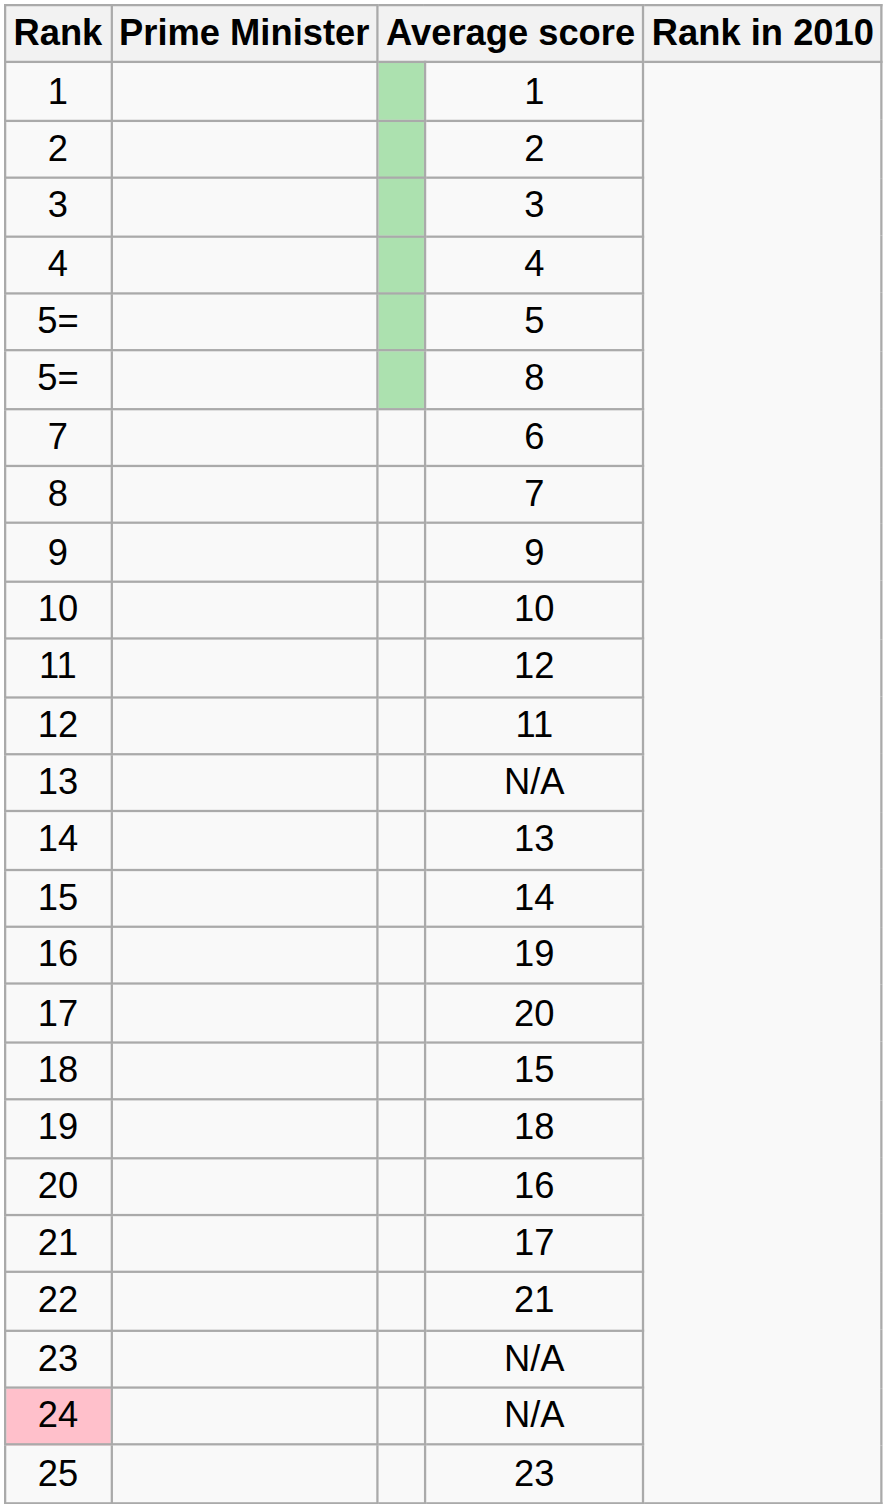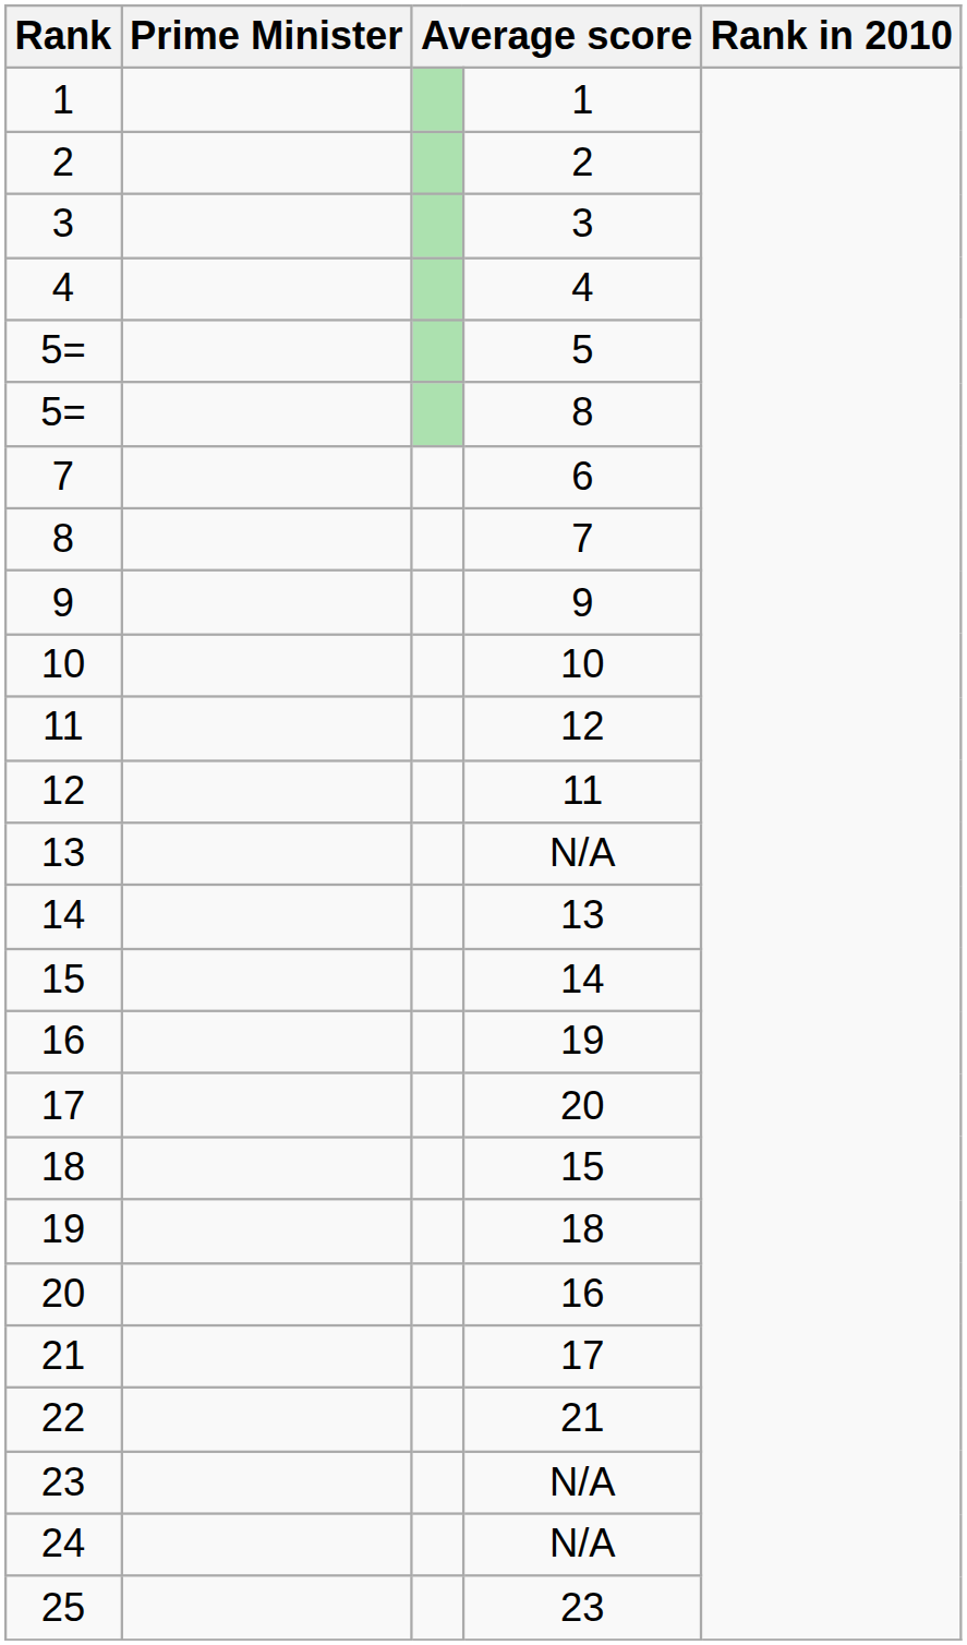 <table class="wikitable sortable">
 <tr>
 <th>Rank</th>
 <th>Prime Minister</th>
 <th colspan=2>Average score</th>
 <th>Rank in 2010</th>
 </tr>
 <tr align=center>
 <td>1</td>
 <td></td>
 <td style="background:#ACE1AF"></td>
 <td>1 </td>
 </tr>
 <tr align=center>
 <td>2</td>
 <td></td>
 <td style="background:#ACE1AF"></td>
 <td>2 </td>
 </tr>
 <tr align=center>
 <td>3</td>
 <td></td>
 <td style="background:#ACE1AF"></td>
 <td>3 </td>
 </tr>
 <tr align=center>
 <td>4</td>
 <td></td>
 <td style="background:#ACE1AF"></td>
 <td>4 </td>
 </tr>
 <tr align=center>
 <td>5=</td>
 <td></td>
 <td style="background:#ACE1AF"></td>
 <td>5 </td>
 </tr>
 <tr align=center>
 <td>5=</td>
 <td></td>
 <td style="background:#ACE1AF"></td>
 <td>8 </td>
 </tr>
 <tr align=center>
 <td>7</td>
 <td></td>
 <td></td>
 <td>6 </td>
 </tr>
 <tr align=center>
 <td>8</td>
 <td></td>
 <td></td>
 <td>7 </td>
 </tr>
 <tr align=center>
 <td>9</td>
 <td></td>
 <td></td>
 <td>9 </td>
 </tr>
 <tr align=center>
 <td>10</td>
 <td></td>
 <td></td>
 <td>10 </td>
 </tr>
 <tr align=center>
 <td>11</td>
 <td></td>
 <td></td>
 <td>12 </td>
 </tr>
 <tr align=center>
 <td>12</td>
 <td></td>
 <td></td>
 <td>11 </td>
 </tr>
 <tr align=center>
 <td>13</td>
 <td></td>
 <td></td>
 <td>N/A </td>
 </tr>
 <tr align=center>
 <td>14</td>
 <td></td>
 <td></td>
 <td>13 </td>
 </tr>
 <tr align=center>
 <td>15</td>
 <td></td>
 <td></td>
 <td>14 </td>
 </tr>
 <tr align=center>
 <td>16</td>
 <td></td>
 <td></td>
 <td>19 </td>
 </tr>
 <tr align=center>
 <td>17</td>
 <td></td>
 <td></td>
 <td>20 </td>
 </tr>
 <tr align=center>
 <td>18</td>
 <td></td>
 <td></td>
 <td>15 </td>
 </tr>
 <tr align=center>
 <td>19</td>
 <td></td>
 <td></td>
 <td>18 </td>
 </tr>
 <tr align=center>
 <td>20</td>
 <td></td>
 <td></td>
 <td>16 </td>
 </tr>
 <tr align=center>
 <td>21</td>
 <td></td>
 <td></td>
 <td>17 </td>
 </tr>
 <tr align=center>
 <td>22</td>
 <td></td>
 <td></td>
 <td>21 </td>
 </tr>
 <tr align=center>
 <td>23</td>
 <td></td>
 <td></td>
 <td>N/A </td>
 </tr>
 <tr align=center>
-<td style="background: pink;">24</td>
+<td>24</td>
 <td></td>
 <td></td>
 <td>N/A </td>
 </tr>
 <tr align=center>
 <td>25</td>
 <td></td>
 <td></td>
 <td>23 </td>
 </tr>
 </table>
